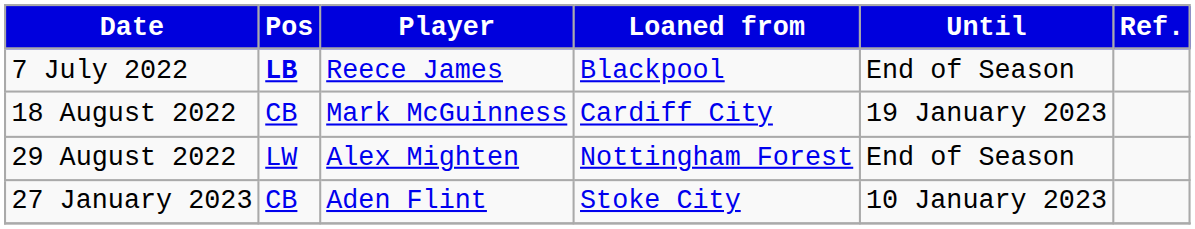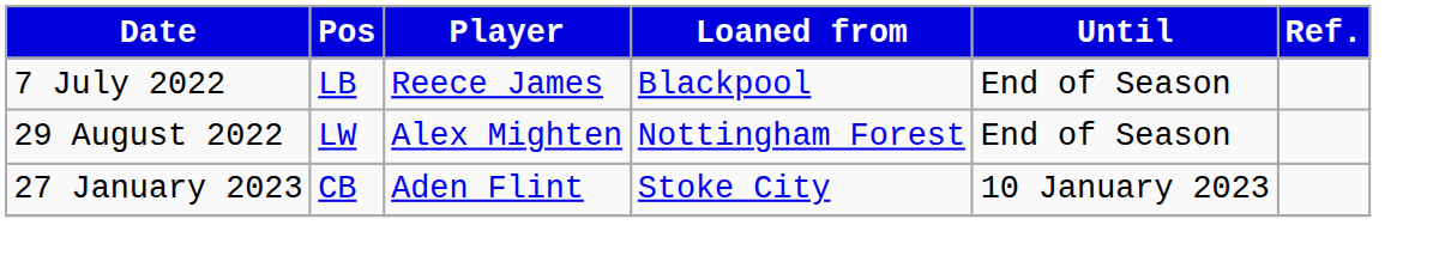 <table class="wikitable plainrowheaders sortable">
 <tr>
 <th style="background:#0000DD; color:#FFFFFF; ">Date</th>
 <th style="background:#0000DD; color:#FFFFFF; ">Pos</th>
 <th style="background:#0000DD; color:#FFFFFF; ">Player</th>
 <th style="background:#0000DD; color:#FFFFFF; ">Loaned from</th>
 <th style="background:#0000DD; color:#FFFFFF; ">Until</th>
 <th style="background:#0000DD; color:#FFFFFF; ">Ref.</th>
 </tr>
 <tr>
 <td>7 July 2022</td>
-<td><strong><a href='#'>LB</a></strong></td>
+<td><a href='#'>LB</a></td>
 <td> <a href='#'>Reece James</a></td>
 <td> <a href='#'>Blackpool</a></td>
 <td>End of Season</td>
-<td></td>
-</tr>
-<tr>
-<td>18 August 2022</td>
-<td><a href='#'>CB</a></td>
-<td> <a href='#'>Mark McGuinness</a></td>
-<td> <a href='#'>Cardiff City</a></td>
-<td>19 January 2023</td>
 <td></td>
 </tr>
 <tr>
 <td>29 August 2022</td>
 <td><a href='#'>LW</a></td>
 <td> <a href='#'>Alex Mighten</a></td>
 <td> <a href='#'>Nottingham Forest</a></td>
 <td>End of Season</td>
 <td></td>
 </tr>
 <tr>
 <td>27 January 2023</td>
 <td><a href='#'>CB</a></td>
 <td> <a href='#'>Aden Flint</a></td>
 <td> <a href='#'>Stoke City</a></td>
 <td>10 January 2023</td>
 <td></td>
 </tr>
 <tr>
 </tr>
 </table>
